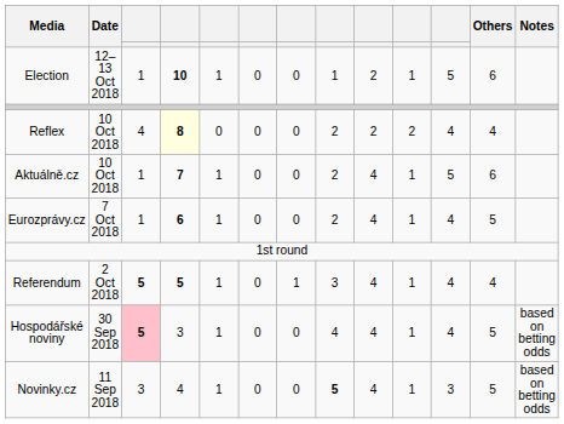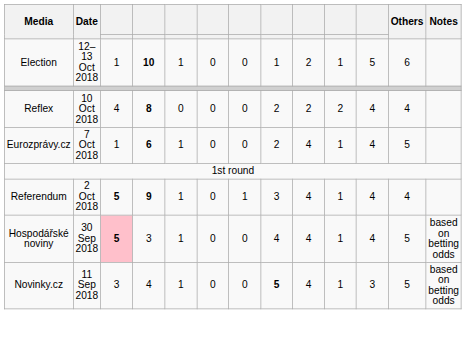 <table class="wikitable" style="text-align:center;font-size:85%;line-height:14px;">
 <tr style="height:40px;">
 <th rowspan="2">Media</th>
 <th rowspan="2">Date</th>
 <th class="unsortable" style="width:40px;"></th>
 <th class="unsortable" style="width:40px;"></th>
 <th class="unsortable" style="width:40px;"></th>
 <th class="unsortable" style="width:40px;"></th>
 <th class="unsortable" style="width:40px;"></th>
 <th class="unsortable" style="width:40px;"></th>
 <th class="unsortable" style="width:40px;"></th>
 <th class="unsortable" style="width:40px;"></th>
 <th class="unsortable" style="width:40px;"></th>
 <th class="unsortable" style="width:40px;" rowspan="2">Others</th>
 <th style="width:25px;" rowspan="2">Notes</th>
 </tr>
 <tr>
 <th style="background:"></th>
 <th style="background:"></th>
 <th style="background:"></th>
 <th style="background:"></th>
 <th style="background:"></th>
 <th style="background:"></th>
 <th style="background:"></th>
 <th style="background:"></th>
 <th style="background:"></th>
 </tr>
 <tr>
 <td>Election</td>
 <td>12–13 Oct 2018</td>
 <td>1</td>
 <td><strong>10</strong></td>
 <td>1</td>
 <td>0</td>
 <td>0</td>
 <td>1</td>
 <td>2</td>
 <td>1</td>
 <td>5</td>
 <td>6</td>
 <td></td>
 </tr>
 <tr>
 <td style="background:#D0D0D0; color:black" colspan="13"></td>
 </tr>
 <tr>
 <td>Reflex</td>
 <td>10 Oct 2018</td>
 <td>4</td>
-<td style="background: lightyellow;"><strong>8</strong></td>
+<td><strong>8</strong></td>
 <td>0</td>
 <td>0</td>
 <td>0</td>
 <td>2</td>
 <td>2</td>
 <td>2</td>
 <td>4</td>
 <td>4</td>
-<td></td>
-</tr>
-<tr>
-<td>Aktuálně.cz</td>
-<td>10 Oct 2018</td>
-<td>1</td>
-<td><strong>7</strong></td>
-<td>1</td>
-<td>0</td>
-<td>0</td>
-<td>2</td>
-<td>4</td>
-<td>1</td>
-<td>5</td>
-<td>6</td>
 <td></td>
 </tr>
 <tr>
 <td>Eurozprávy.cz</td>
 <td>7 Oct 2018</td>
 <td>1</td>
 <td><strong>6</strong></td>
 <td>1</td>
 <td>0</td>
 <td>0</td>
 <td>2</td>
 <td>4</td>
 <td>1</td>
 <td>4</td>
 <td>5</td>
 <td></td>
 </tr>
 <tr>
 <td colspan="13">1st round</td>
 </tr>
 <tr>
 <td>Referendum</td>
 <td>2 Oct 2018</td>
 <td><strong>5</strong></td>
-<td><strong>5</strong></td>
+<td><strong>9</strong></td>
 <td>1</td>
 <td>0</td>
 <td>1</td>
 <td>3</td>
 <td>4</td>
 <td>1</td>
 <td>4</td>
 <td>4</td>
 <td></td>
 </tr>
 <tr>
 <td>Hospodářské noviny</td>
 <td>30 Sep 2018</td>
 <td style="background: pink;"><strong>5</strong></td>
 <td>3</td>
 <td>1</td>
 <td>0</td>
 <td>0</td>
 <td>4</td>
 <td>4</td>
 <td>1</td>
 <td>4</td>
 <td>5</td>
 <td>based on betting odds</td>
 </tr>
 <tr>
 <td>Novinky.cz</td>
 <td>11 Sep 2018</td>
 <td>3</td>
 <td>4</td>
 <td>1</td>
 <td>0</td>
 <td>0</td>
 <td><strong>5</strong></td>
 <td>4</td>
 <td>1</td>
 <td>3</td>
 <td>5</td>
 <td>based on betting odds</td>
 </tr>
 </table>
